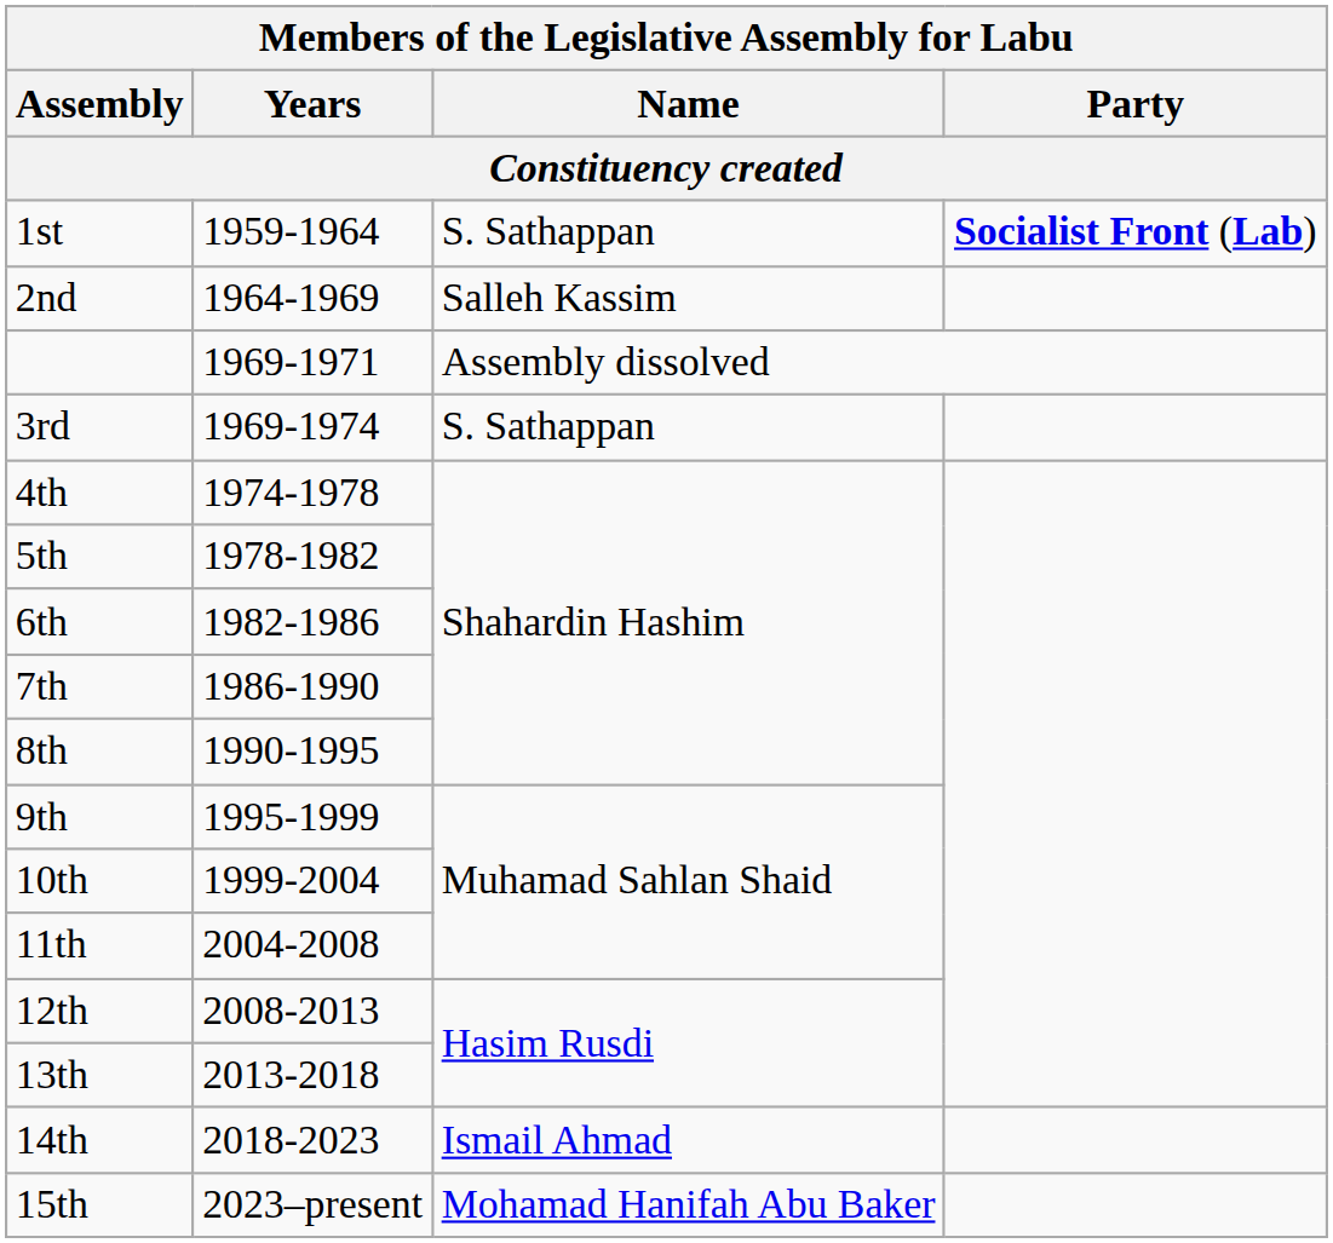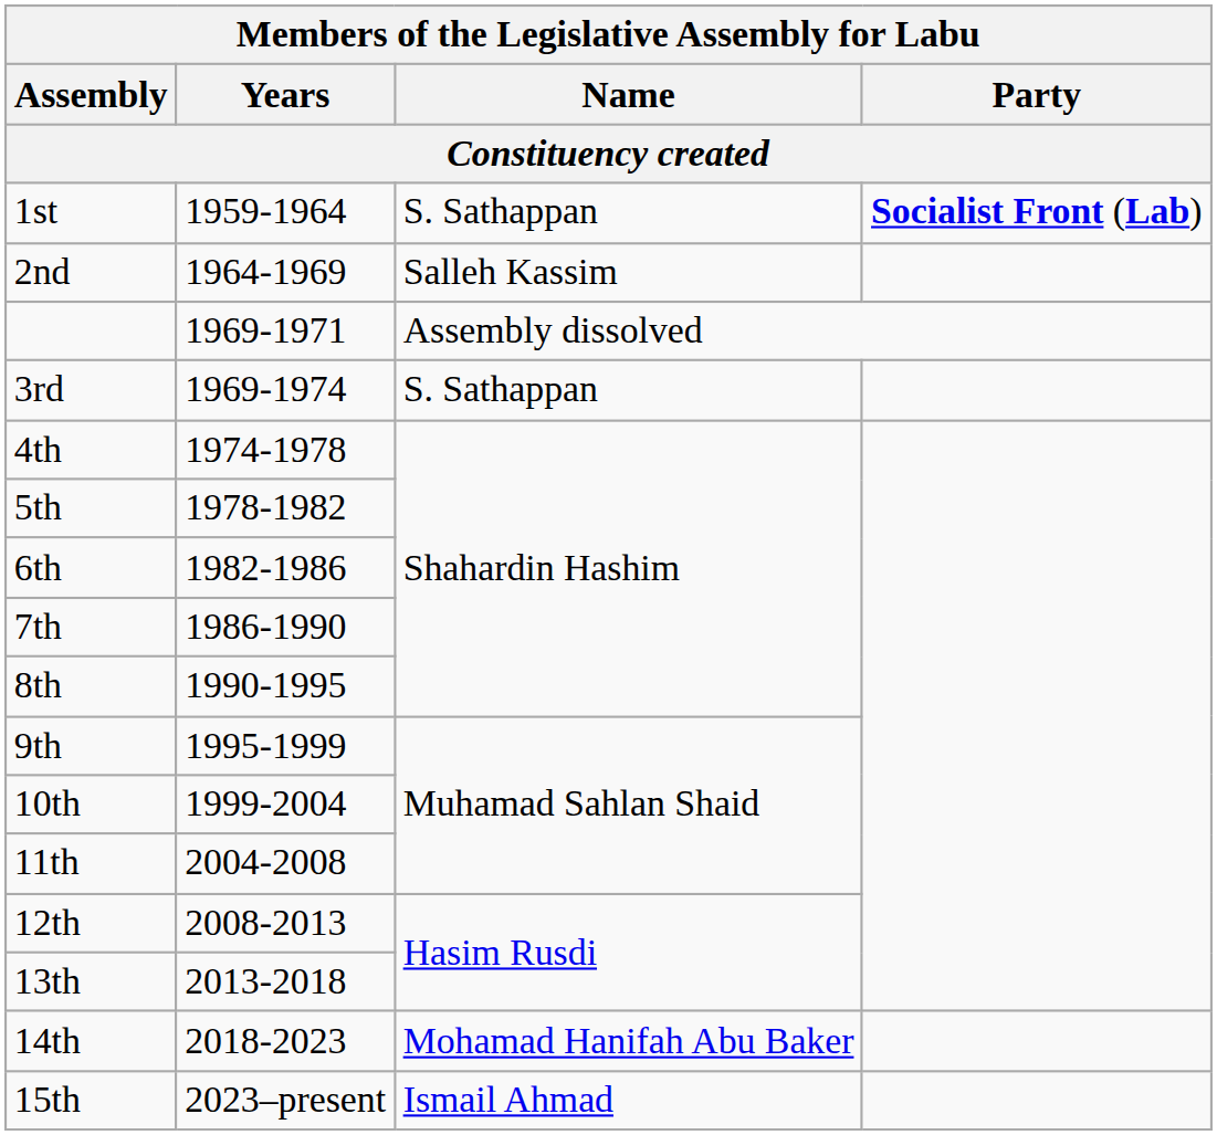 <table class="wikitable">
 <tr>
 <th colspan="4">Members of the Legislative Assembly for Labu</th>
 </tr>
 <tr>
 <th>Assembly</th>
 <th>Years</th>
 <th>Name</th>
 <th>Party</th>
 </tr>
 <tr>
 <th colspan="4" align="center"><em>Constituency created</em></th>
 </tr>
 <tr>
 <td>1st</td>
 <td>1959-1964</td>
 <td>S. Sathappan</td>
 <td><strong><a href='#'>Socialist Front</a></strong> (<strong><a href='#'>Lab</a></strong>)</td>
 </tr>
 <tr>
 <td>2nd</td>
 <td>1964-1969</td>
 <td>Salleh Kassim</td>
 <td></td>
 </tr>
 <tr>
 <td></td>
 <td>1969-1971</td>
 <td colspan="2">Assembly dissolved</td>
 </tr>
 <tr>
 <td>3rd</td>
 <td>1969-1974</td>
 <td>S. Sathappan</td>
 <td></td>
 </tr>
 <tr>
 <td>4th</td>
 <td>1974-1978</td>
 <td rowspan="5">Shahardin Hashim</td>
 <td rowspan="10"></td>
 </tr>
 <tr>
 <td>5th</td>
 <td>1978-1982</td>
 </tr>
 <tr>
 <td>6th</td>
 <td>1982-1986</td>
 </tr>
 <tr>
 <td>7th</td>
 <td>1986-1990</td>
 </tr>
 <tr>
 <td>8th</td>
 <td>1990-1995</td>
 </tr>
 <tr>
 <td>9th</td>
 <td>1995-1999</td>
 <td rowspan="3">Muhamad Sahlan Shaid</td>
 </tr>
 <tr>
 <td>10th</td>
 <td>1999-2004</td>
 </tr>
 <tr>
 <td>11th</td>
 <td>2004-2008</td>
 </tr>
 <tr>
 <td>12th</td>
 <td>2008-2013</td>
 <td rowspan="2"><a href='#'>Hasim Rusdi</a></td>
 </tr>
 <tr>
 <td>13th</td>
 <td>2013-2018</td>
 </tr>
 <tr>
 <td>14th</td>
 <td>2018-2023</td>
-<td><a href='#'>Ismail Ahmad</a></td>
+<td><a href='#'>Mohamad Hanifah Abu Baker</a></td>
 <td></td>
 </tr>
 <tr>
 <td>15th</td>
 <td>2023–present</td>
-<td><a href='#'>Mohamad Hanifah Abu Baker</a></td>
+<td><a href='#'>Ismail Ahmad</a></td>
 <td></td>
 </tr>
 </table>
